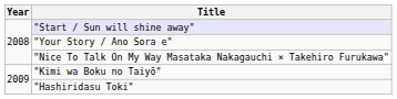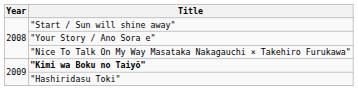 <table class="wikitable">
 <tr>
 <th>Year</th>
 <th>Title</th>
 </tr>
 <tr>
 <td rowspan="3">2008</td>
-<td style="background: lavender;">"Start / Sun will shine away"</td>
+<td>"Start / Sun will shine away"</td>
 </tr>
 <tr>
 <td>"Your Story / Ano Sora e"</td>
 </tr>
 <tr>
 <td>"Nice To Talk On My Way Masataka Nakagauchi × Takehiro Furukawa"</td>
 </tr>
 <tr>
 <td rowspan="2">2009</td>
-<td>"Kimi wa Boku no Taiyō"</td>
+<td><strong>"Kimi wa Boku no Taiyō"</strong></td>
 </tr>
 <tr>
 <td>"Hashiridasu Toki"</td>
 </tr>
 </table>
